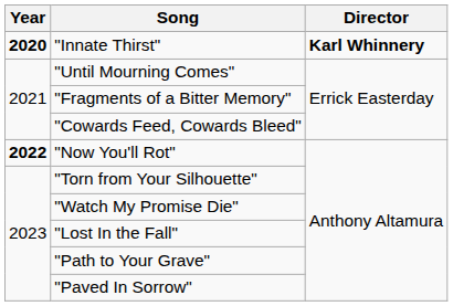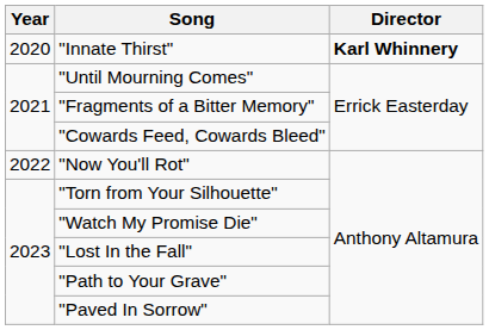 <table class="wikitable">
 <tr>
 <th>Year</th>
 <th>Song</th>
 <th>Director</th>
 </tr>
 <tr>
-<td><strong>2020</strong></td>
+<td>2020</td>
 <td>"Innate Thirst"</td>
 <td><strong>Karl Whinnery</strong></td>
 </tr>
 <tr>
 <td rowspan="3">2021</td>
 <td>"Until Mourning Comes"</td>
 <td rowspan="3">Errick Easterday</td>
 </tr>
 <tr>
 <td>"Fragments of a Bitter Memory"</td>
 </tr>
 <tr>
 <td>"Cowards Feed, Cowards Bleed"</td>
 </tr>
 <tr>
-<td><strong>2022</strong></td>
+<td>2022</td>
 <td>"Now You'll Rot"</td>
 <td rowspan="6">Anthony Altamura</td>
 </tr>
 <tr>
 <td rowspan="5">2023</td>
 <td>"Torn from Your Silhouette"</td>
 </tr>
 <tr>
 <td>"Watch My Promise Die"</td>
 </tr>
 <tr>
 <td>"Lost In the Fall"</td>
 </tr>
 <tr>
 <td>"Path to Your Grave"</td>
 </tr>
 <tr>
 <td>"Paved In Sorrow"</td>
 </tr>
 </table>
